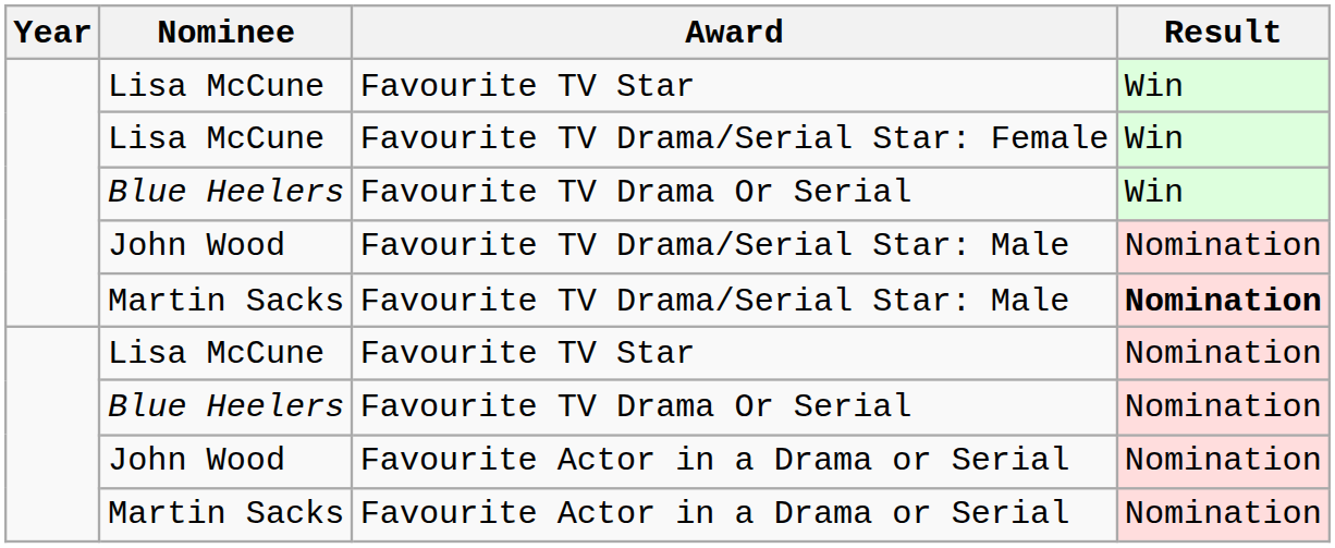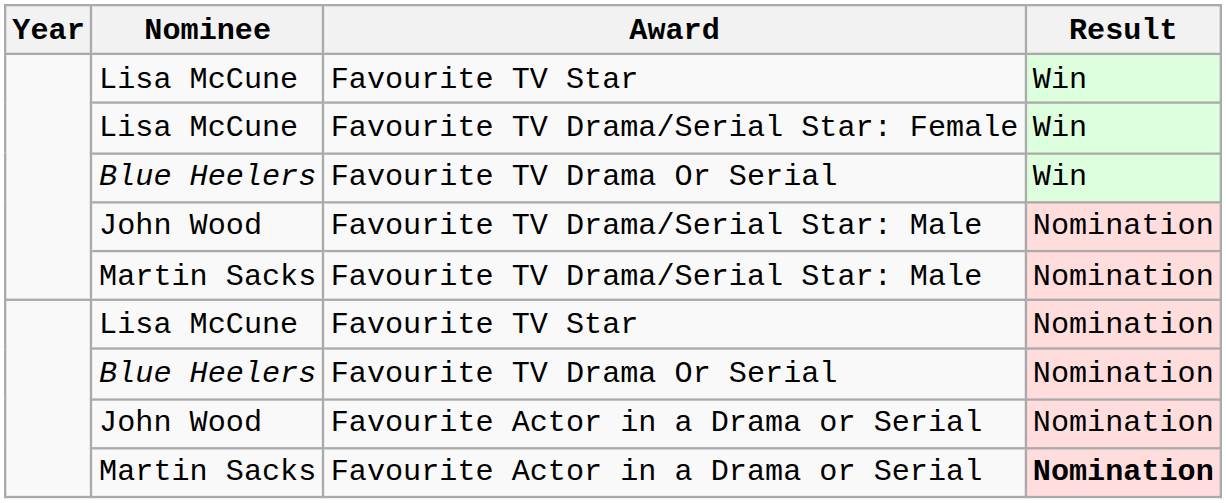 <table class="wikitable">
 <tr>
 <th>Year</th>
 <th>Nominee</th>
 <th>Award</th>
 <th>Result</th>
 </tr>
 <tr>
 <td rowspan="5"></td>
 <td>Lisa McCune</td>
 <td>Favourite TV Star</td>
 <td style="background: #ddffdd">Win</td>
 </tr>
 <tr>
 <td>Lisa McCune</td>
 <td>Favourite TV Drama/Serial Star: Female</td>
 <td style="background: #ddffdd">Win</td>
 </tr>
 <tr>
 <td><em>Blue Heelers</em></td>
 <td>Favourite TV Drama Or Serial</td>
 <td style="background: #ddffdd">Win</td>
 </tr>
 <tr>
 <td>John Wood</td>
 <td>Favourite TV Drama/Serial Star: Male</td>
 <td style="background: #ffdddd">Nomination</td>
 </tr>
 <tr>
 <td>Martin Sacks</td>
 <td>Favourite TV Drama/Serial Star: Male</td>
-<td style="background: #ffdddd"><strong>Nomination</strong></td>
+<td style="background: #ffdddd">Nomination</td>
 </tr>
 <tr>
 <td rowspan="4"></td>
 <td>Lisa McCune</td>
 <td>Favourite TV Star</td>
 <td style="background: #ffdddd">Nomination</td>
 </tr>
 <tr>
 <td><em>Blue Heelers</em></td>
 <td>Favourite TV Drama Or Serial</td>
 <td style="background: #ffdddd">Nomination</td>
 </tr>
 <tr>
 <td>John Wood</td>
 <td>Favourite Actor in a Drama or Serial</td>
 <td style="background: #ffdddd">Nomination</td>
 </tr>
 <tr>
 <td>Martin Sacks</td>
 <td>Favourite Actor in a Drama or Serial</td>
-<td style="background: #ffdddd">Nomination</td>
+<td style="background: #ffdddd"><strong>Nomination</strong></td>
 </tr>
 </table>
